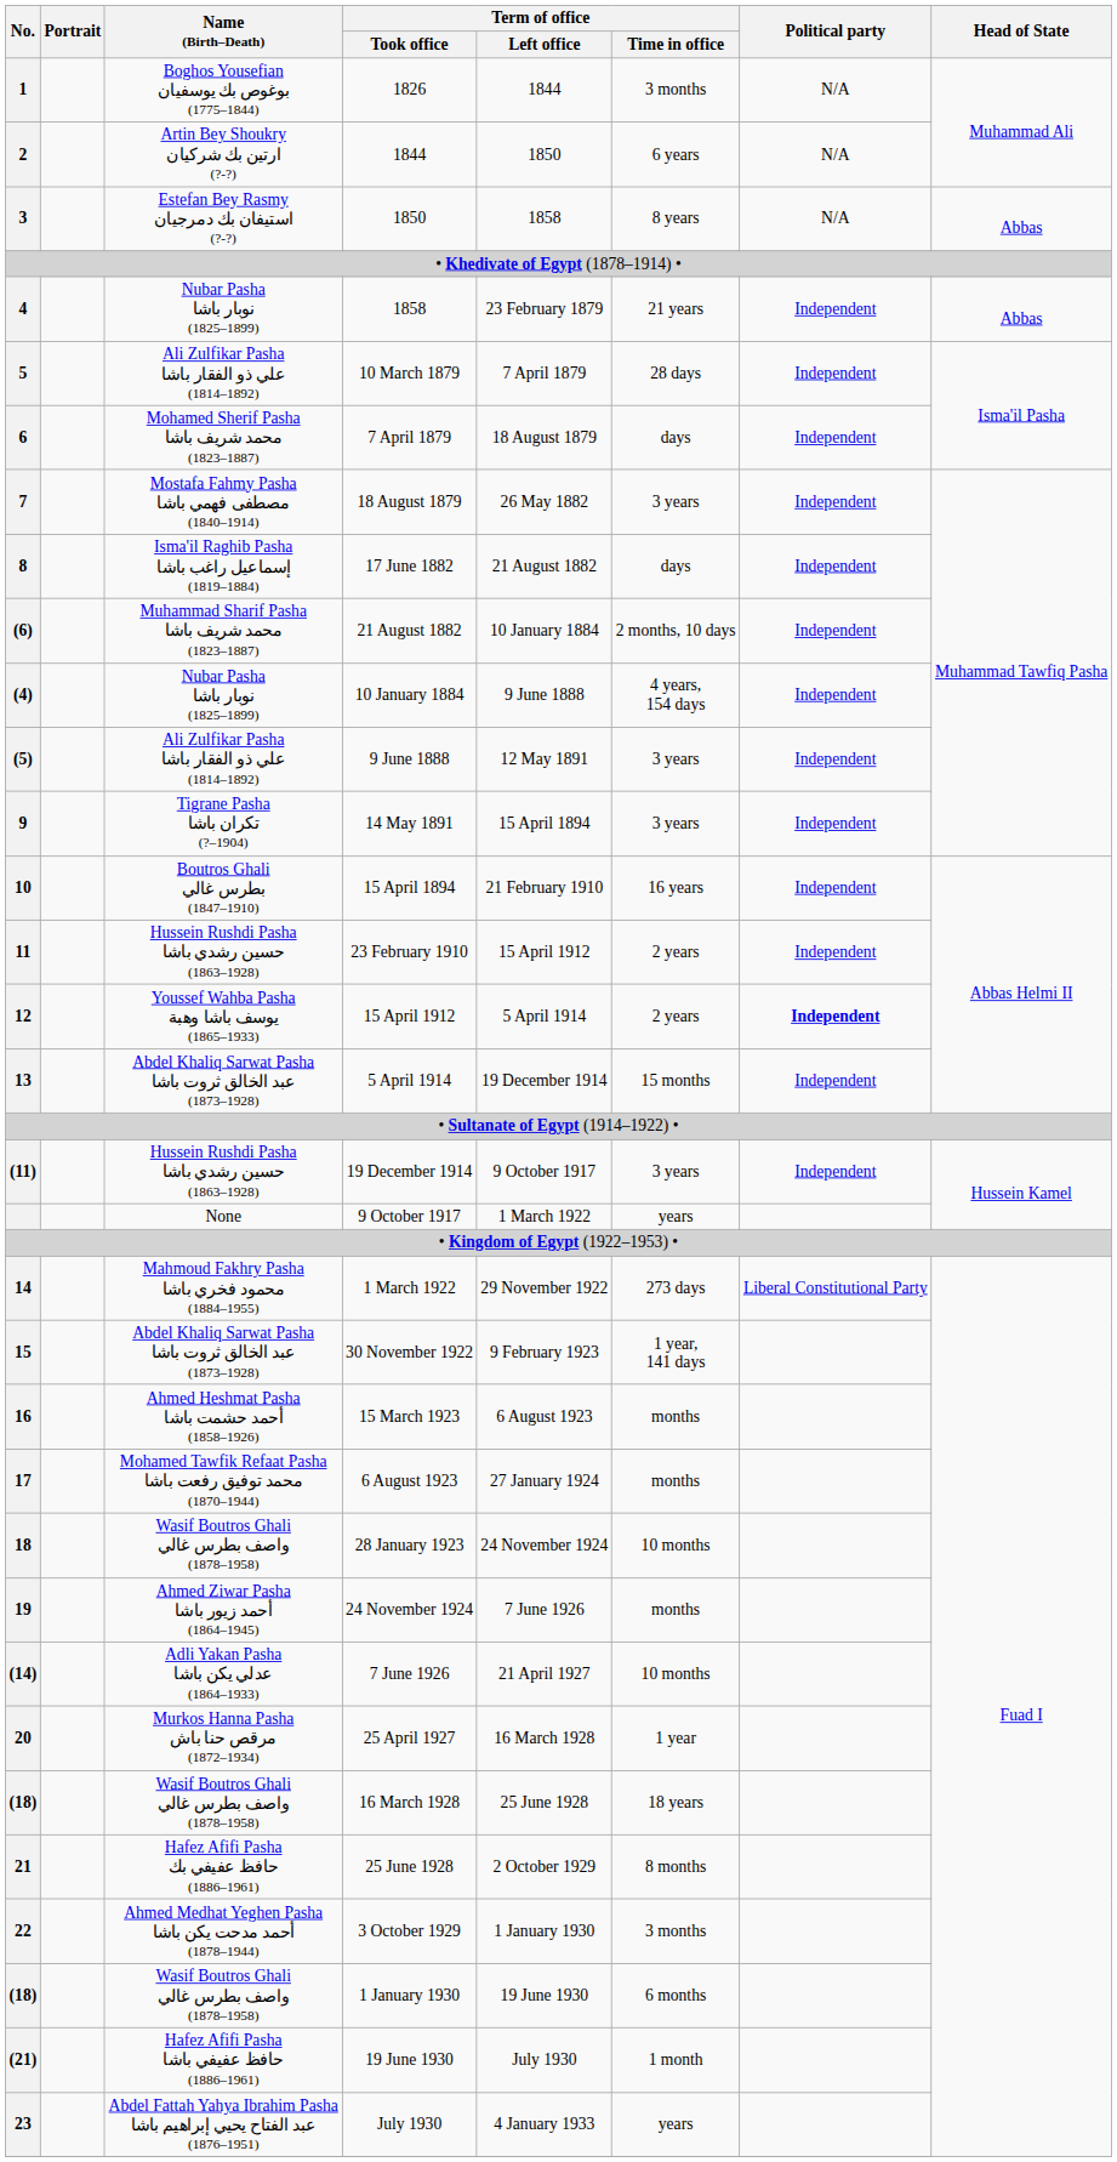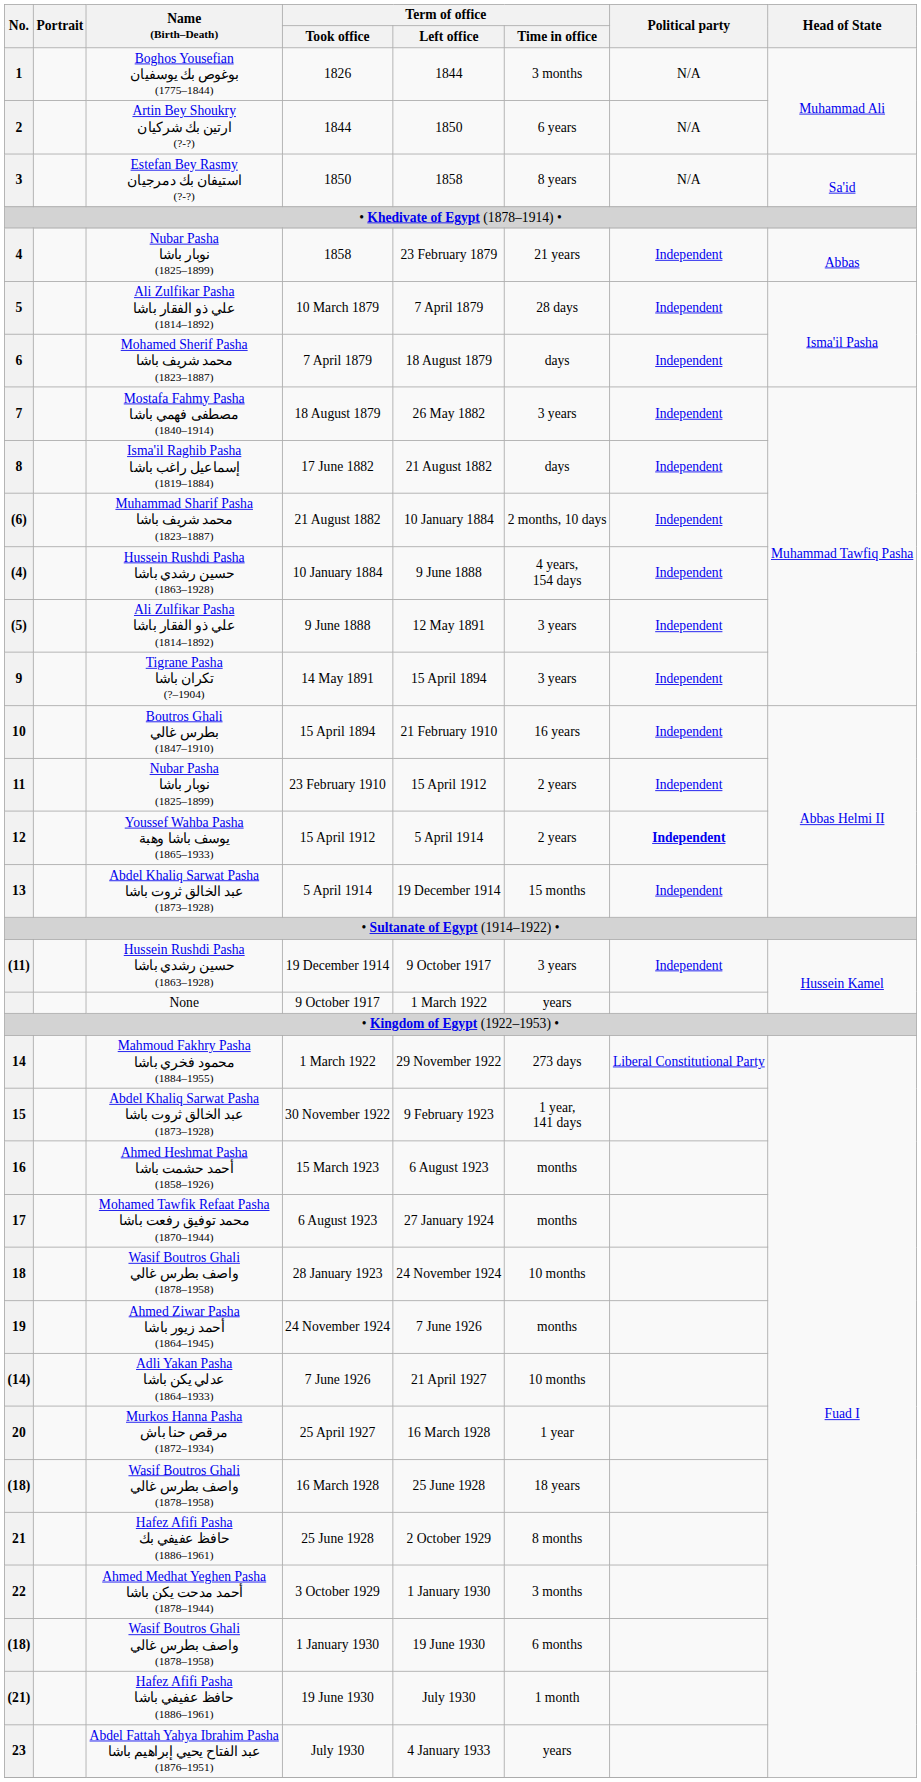 <table class="wikitable" style="text-align:center">
 <tr>
 <th rowspan="2">No.</th>
 <th rowspan="2">Portrait</th>
 <th rowspan="2">Name<br><small>(Birth–Death)</small></th>
 <th colspan="3">Term of office</th>
 <th rowspan="2">Political party</th>
 <th rowspan="2">Head of State</th>
 </tr>
 <tr>
 <th>Took office</th>
 <th>Left office</th>
 <th>Time in office</th>
 </tr>
 <tr>
 <th style="background:">1</th>
 <td></td>
 <td><a href='#'>Boghos Yousefian</a><br>بوغوص بك يوسفيان<br><small>(1775–1844)</small></td>
 <td>1826</td>
 <td>1844</td>
 <td>3 months</td>
 <td>N/A</td>
 <td rowspan="2"><br><a href='#'>Muhammad Ali</a></td>
 </tr>
 <tr>
 <th style="background:">2</th>
 <td></td>
 <td><a href='#'>Artin Bey Shoukry</a><br>ارتين بك شركيان<br><small>(?-?)</small></td>
 <td>1844</td>
 <td>1850</td>
 <td>6 years</td>
 <td>N/A</td>
 </tr>
 <tr>
 <th style="background:">3</th>
 <td></td>
 <td><a href='#'>Estefan Bey Rasmy</a><br>استيفان بك دمرجيان<br><small>(?-?)</small></td>
 <td>1850</td>
 <td>1858</td>
 <td>8 years</td>
 <td>N/A</td>
-<td rowspan="1"><br><a href='#'>Abbas</a></td>
+<td rowspan="1"><br><a href='#'>Sa'id</a></td>
 </tr>
 <tr>
 <td colspan="9" bgcolor="lightgrey" align="center"> • <strong><a href='#'>Khedivate of Egypt</a></strong> (1878–1914) • </td>
 </tr>
 <tr>
 <th style="background:">4</th>
 <td></td>
 <td><a href='#'>Nubar Pasha</a><br>نوبار باشا<br><small>(1825–1899)</small></td>
 <td>1858</td>
 <td>23 February 1879</td>
 <td>21 years</td>
 <td><a href='#'>Independent</a></td>
 <td rowspan="1"><br><a href='#'>Abbas</a></td>
 </tr>
 <tr>
 <th style="background:">5</th>
 <td></td>
 <td><a href='#'>Ali Zulfikar Pasha</a><br>علي ذو الفقار باشا<br><small>(1814–1892)</small></td>
 <td>10 March 1879</td>
 <td>7 April 1879</td>
 <td>28 days</td>
 <td><a href='#'>Independent</a></td>
 <td rowspan="2"><br><a href='#'>Isma'il Pasha</a></td>
 </tr>
 <tr>
 <th style="background:">6</th>
 <td></td>
 <td><a href='#'>Mohamed Sherif Pasha</a><br>محمد شريف باشا<br><small>(1823–1887)</small></td>
 <td>7 April 1879</td>
 <td>18 August 1879</td>
 <td>days</td>
 <td><a href='#'>Independent</a></td>
 </tr>
 <tr>
 <th style="background:">7</th>
 <td></td>
 <td><a href='#'>Mostafa Fahmy Pasha</a><br>مصطفى فهمي باشا<br><small>(1840–1914)</small></td>
 <td>18 August 1879</td>
 <td>26 May 1882</td>
 <td>3 years</td>
 <td><a href='#'>Independent</a></td>
 <td rowspan="6"><br><a href='#'>Muhammad Tawfiq Pasha</a></td>
 </tr>
 <tr>
 <th style="background:">8</th>
 <td></td>
 <td><a href='#'>Isma'il Raghib Pasha</a><br>إسماعيل راغب باشا<br><small>(1819–1884)</small></td>
 <td>17 June 1882</td>
 <td>21 August 1882</td>
 <td>days</td>
 <td><a href='#'>Independent</a></td>
 </tr>
 <tr>
 <th style="background:">(6)</th>
 <td></td>
 <td><a href='#'>Muhammad Sharif Pasha</a><br>محمد شريف باشا<br><small>(1823–1887)</small></td>
 <td>21 August 1882</td>
 <td>10 January 1884</td>
 <td>2 months, 10 days</td>
 <td><a href='#'>Independent</a></td>
 </tr>
 <tr>
 <th style="background:">(4)</th>
 <td></td>
-<td><a href='#'>Nubar Pasha</a><br>نوبار باشا<br><small>(1825–1899)</small></td>
+<td><a href='#'>Hussein Rushdi Pasha</a><br>حسين رشدي باشا<br><small>(1863–1928)</small></td>
 <td>10 January 1884</td>
 <td>9 June 1888</td>
 <td>4 years,<br>154 days</td>
 <td><a href='#'>Independent</a></td>
 </tr>
 <tr>
 <th style="background:">(5)</th>
 <td></td>
 <td><a href='#'>Ali Zulfikar Pasha</a><br>علي ذو الفقار باشا<br><small>(1814–1892)</small></td>
 <td>9 June 1888</td>
 <td>12 May 1891</td>
 <td>3 years</td>
 <td><a href='#'>Independent</a></td>
 </tr>
 <tr>
 <th style="background:">9</th>
 <td></td>
 <td><a href='#'>Tigrane Pasha</a><br>تكران باشا<br><small>(?–1904)</small></td>
 <td>14 May 1891</td>
 <td>15 April 1894</td>
 <td>3 years</td>
 <td><a href='#'>Independent</a></td>
 </tr>
 <tr>
 <th style="background:">10</th>
 <td></td>
 <td><a href='#'>Boutros Ghali</a><br>بطرس غالي<br><small>(1847–1910)</small></td>
 <td>15 April 1894</td>
 <td>21 February 1910 <br></td>
 <td>16 years</td>
 <td><a href='#'>Independent</a></td>
 <td rowspan="4"><br><a href='#'>Abbas Helmi II</a></td>
 </tr>
 <tr>
 <th style="background:">11</th>
 <td></td>
-<td><a href='#'>Hussein Rushdi Pasha</a><br>حسين رشدي باشا<br><small>(1863–1928)</small></td>
+<td><a href='#'>Nubar Pasha</a><br>نوبار باشا<br><small>(1825–1899)</small></td>
 <td>23 February 1910</td>
 <td>15 April 1912</td>
 <td>2 years</td>
 <td><a href='#'>Independent</a></td>
 </tr>
 <tr>
 <th style="background:">12</th>
 <td></td>
 <td><a href='#'>Youssef Wahba Pasha</a><br>يوسف باشا وهبة<br><small>(1865–1933)</small></td>
 <td>15 April 1912</td>
 <td>5 April 1914</td>
 <td>2 years</td>
 <td><strong><a href='#'>Independent</a></strong></td>
 </tr>
 <tr>
 <th style="background:">13</th>
 <td></td>
 <td><a href='#'>Abdel Khaliq Sarwat Pasha</a><br>عبد الخالق ثروت باشا<br><small>(1873–1928)</small></td>
 <td>5 April 1914</td>
 <td>19 December 1914</td>
 <td>15 months</td>
 <td><a href='#'>Independent</a></td>
 </tr>
 <tr>
 <td colspan="9" bgcolor="lightgrey" align="center"> • <strong><a href='#'>Sultanate of Egypt</a></strong> (1914–1922) • </td>
 </tr>
 <tr>
 <th style="background:">(11)</th>
 <td></td>
 <td><a href='#'>Hussein Rushdi Pasha</a><br>حسين رشدي باشا<br><small>(1863–1928)</small></td>
 <td>19 December 1914</td>
 <td>9 October 1917</td>
 <td>3 years</td>
 <td><a href='#'>Independent</a></td>
 <td rowspan="2"><br><a href='#'>Hussein Kamel</a></td>
 </tr>
 <tr>
 <th style="background:"></th>
 <td></td>
 <td>None</td>
 <td>9 October 1917</td>
 <td>1 March 1922</td>
 <td> years</td>
 <td></td>
 </tr>
 <tr>
 <td colspan="9" bgcolor="lightgrey" align="center"> • <strong><a href='#'>Kingdom of Egypt</a></strong> (1922–1953) • </td>
 </tr>
 <tr>
 <th style="background:">14</th>
 <td></td>
 <td><a href='#'>Mahmoud Fakhry Pasha</a><br>محمود فخري باشا<br><small>(1884–1955)</small></td>
 <td>1 March 1922</td>
 <td>29 November 1922</td>
 <td>273 days</td>
 <td><a href='#'>Liberal Constitutional Party</a></td>
 <td rowspan="15"><br><a href='#'>Fuad I</a></td>
 </tr>
 <tr>
 <th style="background:">15</th>
 <td></td>
 <td><a href='#'>Abdel Khaliq Sarwat Pasha</a><br>عبد الخالق ثروت باشا<br><small>(1873–1928)</small></td>
 <td>30 November 1922</td>
 <td>9 February 1923</td>
 <td>1 year,<br>141 days</td>
 <td></td>
 </tr>
 <tr>
 <th style="background:">16</th>
 <td></td>
 <td><a href='#'>Ahmed Heshmat Pasha</a><br>أحمد حشمت باشا<br><small>(1858–1926)</small></td>
 <td>15 March 1923</td>
 <td>6 August 1923</td>
 <td> months</td>
 <td></td>
 </tr>
 <tr>
 <th style="background:">17</th>
 <td></td>
 <td><a href='#'>Mohamed Tawfik Refaat Pasha</a><br>محمد توفيق رفعت باشا<br><small>(1870–1944)</small></td>
 <td>6 August 1923</td>
 <td>27 January 1924</td>
 <td> months</td>
 <td></td>
 </tr>
 <tr>
 <th style="background:">18</th>
 <td></td>
 <td><a href='#'>Wasif Boutros Ghali</a><br>واصف بطرس غالي<br><small>(1878–1958)</small></td>
 <td>28 January 1923</td>
 <td>24 November 1924</td>
 <td>10 months</td>
 <td></td>
 </tr>
 <tr>
 <th style="background:">19</th>
 <td></td>
 <td><a href='#'>Ahmed Ziwar Pasha</a><br>أحمد زيور باشا<br><small>(1864–1945)</small></td>
 <td>24 November 1924</td>
 <td>7 June 1926</td>
 <td> months</td>
 <td></td>
 </tr>
 <tr>
 <th style="background:">(14)</th>
 <td></td>
 <td><a href='#'>Adli Yakan Pasha</a><br>عدلي يكن باشا<br><small>(1864–1933)</small></td>
 <td>7 June 1926</td>
 <td>21 April 1927</td>
 <td>10 months</td>
 <td></td>
 </tr>
 <tr>
 <th style="background:">20</th>
 <td></td>
 <td><a href='#'>Murkos Hanna Pasha</a><br> مرقص حنا باش<br><small>(1872–1934)</small></td>
 <td>25 April 1927</td>
 <td>16 March 1928</td>
 <td>1 year</td>
 <td></td>
 </tr>
 <tr>
 <th style="background:">(18)</th>
 <td></td>
 <td><a href='#'>Wasif Boutros Ghali</a><br>واصف بطرس غالي<br><small>(1878–1958)</small></td>
 <td>16 March 1928</td>
 <td>25 June 1928</td>
 <td>18 years</td>
 <td></td>
 </tr>
 <tr>
 <th style="background:">21</th>
 <td></td>
 <td><a href='#'>Hafez Afifi Pasha</a><br>حافظ عفيفي بك<br><small>(1886–1961)</small></td>
 <td>25 June 1928</td>
 <td>2 October 1929</td>
 <td>8 months</td>
 <td></td>
 </tr>
 <tr>
 <th style="background:">22</th>
 <td></td>
 <td><a href='#'>Ahmed Medhat Yeghen Pasha</a><br>أحمد مدحت يكن باشا<br><small>(1878–1944)</small></td>
 <td>3 October 1929</td>
 <td>1 January 1930</td>
 <td>3 months</td>
 <td></td>
 </tr>
 <tr>
 <th style="background:">(18)</th>
 <td></td>
 <td><a href='#'>Wasif Boutros Ghali</a><br>واصف بطرس غالي<br><small>(1878–1958)</small></td>
 <td>1 January 1930</td>
 <td>19 June 1930</td>
 <td>6 months</td>
 <td></td>
 </tr>
 <tr>
 <th style="background:">(21)</th>
 <td></td>
 <td><a href='#'>Hafez Afifi Pasha</a><br>حافظ عفيفي باشا<br><small>(1886–1961)</small></td>
 <td>19 June 1930</td>
 <td>July 1930</td>
 <td>1 month</td>
 <td></td>
 </tr>
 <tr>
 <th style="background:">23</th>
 <td></td>
 <td><a href='#'>Abdel Fattah Yahya Ibrahim Pasha</a><br>عبد الفتاح يحيي إبراهيم باشا<br><small>(1876–1951)</small></td>
 <td>July 1930</td>
 <td>4 January 1933</td>
 <td> years</td>
 <td></td>
 </tr>
 <tr>
 </tr>
 </table>
